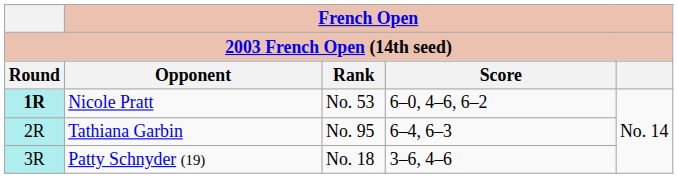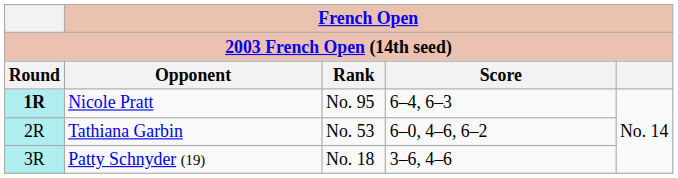 <table class="wikitable collapsible collapsed">
 <tr>
 <th></th>
 <th colspan=4 style="background:#ebc2af;"><a href='#'>French Open</a></th>
 </tr>
 <tr>
 <th colspan=5 style="background:#ebc2af;"><a href='#'>2003 French Open</a> (14th seed)</th>
 </tr>
 <tr>
 <th>Round</th>
 <th width=225>Opponent</th>
 <th width=50>Rank</th>
 <th width=200>Score</th>
 <th></th>
 </tr>
 <tr>
 <td style="text-align:center; background:#afeeee;"><strong>1R</strong></td>
 <td> <a href='#'>Nicole Pratt</a></td>
-<td>No. 53</td>
-<td>6–0, 4–6, 6–2</td>
+<td>No. 95</td>
+<td>6–4, 6–3</td>
 <td rowspan=3>No. 14</td>
 </tr>
 <tr>
 <td style="text-align:center; background:#afeeee;">2R</td>
 <td> <a href='#'>Tathiana Garbin</a></td>
-<td>No. 95</td>
-<td>6–4, 6–3</td>
+<td>No. 53</td>
+<td>6–0, 4–6, 6–2</td>
 </tr>
 <tr>
 <td style="text-align:center; background:#afeeee;">3R</td>
 <td> <a href='#'>Patty Schnyder</a> <small>(19)</small></td>
 <td>No. 18</td>
 <td>3–6, 4–6</td>
 </tr>
 </table>
